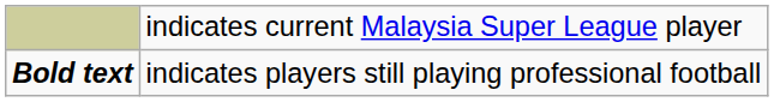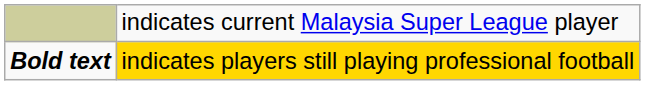 <table class="wikitable">
 <tr>
 <td align=center style="background-color:#cdce9c"></td>
 <td>indicates current <a href='#'>Malaysia Super League</a> player</td>
 </tr>
 <tr>
 <td><strong><em>Bold text</em></strong></td>
-<td>indicates players still playing professional football</td>
+<td style="background: gold;">indicates players still playing professional football</td>
 </tr>
 </table>
